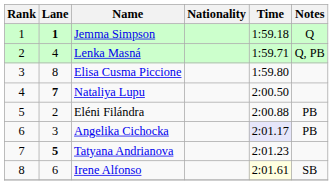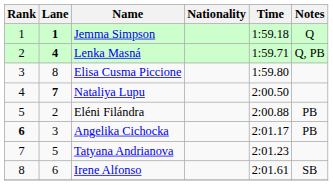 <table class="wikitable sortable" style="text-align:center">
 <tr>
 <th>Rank</th>
 <th>Lane</th>
 <th>Name</th>
 <th>Nationality</th>
 <th>Time</th>
 <th>Notes</th>
 </tr>
 <tr bgcolor=ccffcc>
 <td>1</td>
 <td><strong>1</strong></td>
 <td align="left"><a href='#'>Jemma Simpson</a></td>
 <td align=left></td>
 <td>1:59.18</td>
 <td>Q</td>
 </tr>
 <tr bgcolor=ccffcc>
 <td>2</td>
-<td>4</td>
+<td><strong>4</strong></td>
 <td align="left"><a href='#'>Lenka Masná</a></td>
 <td align=left></td>
 <td>1:59.71</td>
 <td>Q, PB</td>
 </tr>
 <tr>
 <td>3</td>
 <td>8</td>
 <td align="left"><a href='#'>Elisa Cusma Piccione</a></td>
 <td align=left></td>
 <td>1:59.80</td>
 <td></td>
 </tr>
 <tr>
 <td>4</td>
 <td><strong>7</strong></td>
 <td align="left"><a href='#'>Nataliya Lupu</a></td>
 <td align=left></td>
 <td>2:00.50</td>
 <td></td>
 </tr>
 <tr>
 <td>5</td>
 <td>2</td>
 <td align="left">Eléni Filándra</td>
 <td align=left></td>
 <td>2:00.88</td>
 <td>PB</td>
 </tr>
 <tr>
-<td>6</td>
+<td><strong>6</strong></td>
 <td>3</td>
 <td align="left"><a href='#'>Angelika Cichocka</a></td>
 <td align=left></td>
-<td style="background: lavender;">2:01.17</td>
+<td>2:01.17</td>
 <td>PB</td>
 </tr>
 <tr>
 <td>7</td>
-<td><strong>5</strong></td>
+<td>5</td>
 <td align="left"><a href='#'>Tatyana Andrianova</a></td>
 <td align=left></td>
 <td>2:01.23</td>
 <td></td>
 </tr>
 <tr>
 <td>8</td>
 <td>6</td>
 <td align="left"><a href='#'>Irene Alfonso</a></td>
 <td align=left></td>
-<td style="background: lightyellow;">2:01.61</td>
+<td>2:01.61</td>
 <td>SB</td>
 </tr>
 <tr>
 </tr>
 </table>
